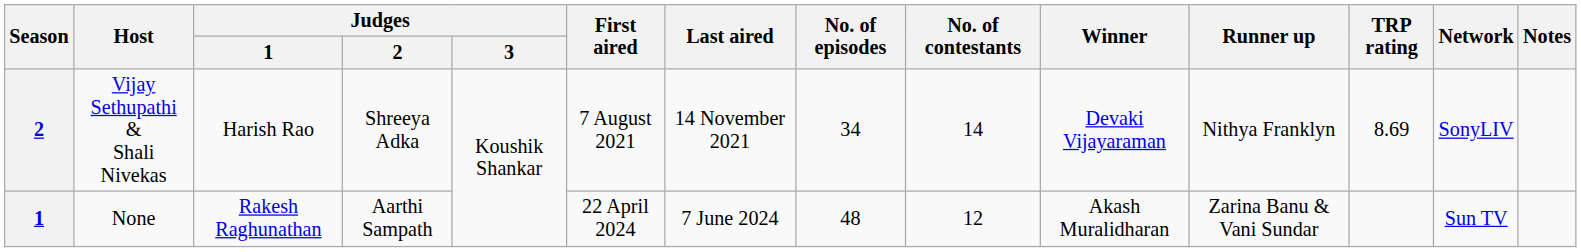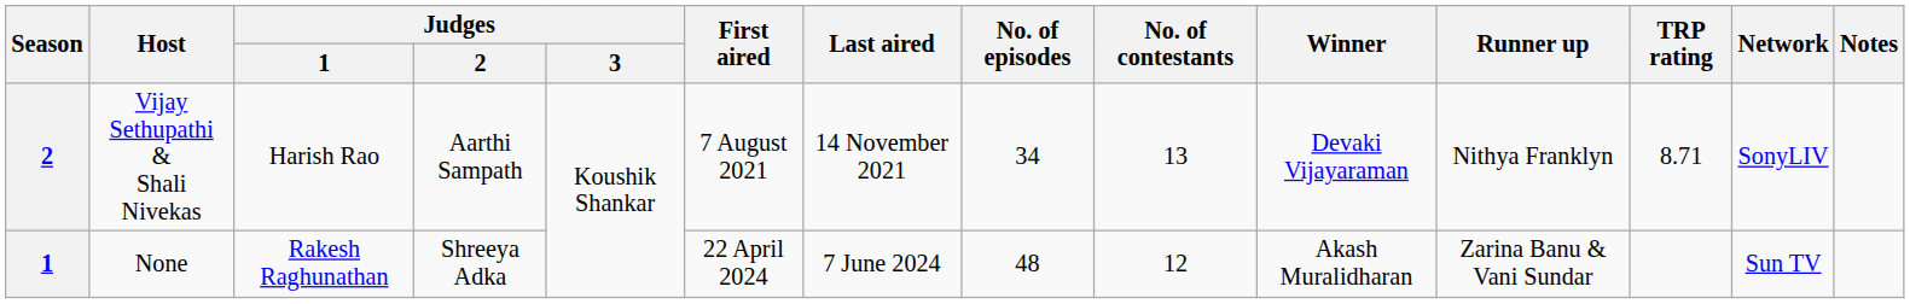 <table class="wikitable" style="text-align:center;">
 <tr>
 <th rowspan="2">Season</th>
 <th rowspan="2">Host</th>
 <th colspan="3">Judges</th>
 <th rowspan="2">First aired</th>
 <th rowspan="2">Last aired</th>
 <th rowspan="2">No. of episodes</th>
 <th rowspan="2">No. of contestants</th>
 <th rowspan="2">Winner</th>
 <th rowspan="2">Runner up</th>
 <th rowspan="2">TRP rating</th>
 <th rowspan="2">Network</th>
 <th rowspan="2">Notes</th>
 </tr>
 <tr>
 <th>1</th>
 <th>2</th>
 <th>3</th>
 </tr>
 <tr>
 <th><a href='#'>2</a></th>
 <td><a href='#'>Vijay Sethupathi</a><br>&<br>Shali Nivekas</td>
 <td>Harish Rao</td>
-<td>Shreeya Adka</td>
+<td>Aarthi Sampath</td>
 <td rowspan="2">Koushik Shankar</td>
 <td>7 August 2021</td>
 <td>14 November 2021</td>
 <td>34</td>
-<td>14</td>
+<td>13</td>
 <td><a href='#'>Devaki Vijayaraman</a></td>
 <td>Nithya Franklyn</td>
-<td>8.69</td>
+<td>8.71</td>
 <td><a href='#'>SonyLIV</a></td>
 <td></td>
 </tr>
 <tr>
 <th><a href='#'>1</a></th>
 <td>None</td>
 <td><a href='#'>Rakesh Raghunathan</a></td>
-<td>Aarthi Sampath</td>
+<td>Shreeya Adka</td>
 <td>22 April 2024</td>
 <td>7 June 2024</td>
 <td>48</td>
 <td>12</td>
 <td>Akash Muralidharan</td>
 <td>Zarina Banu & Vani Sundar</td>
 <td></td>
 <td><a href='#'>Sun TV</a></td>
 <td></td>
 </tr>
 </table>
